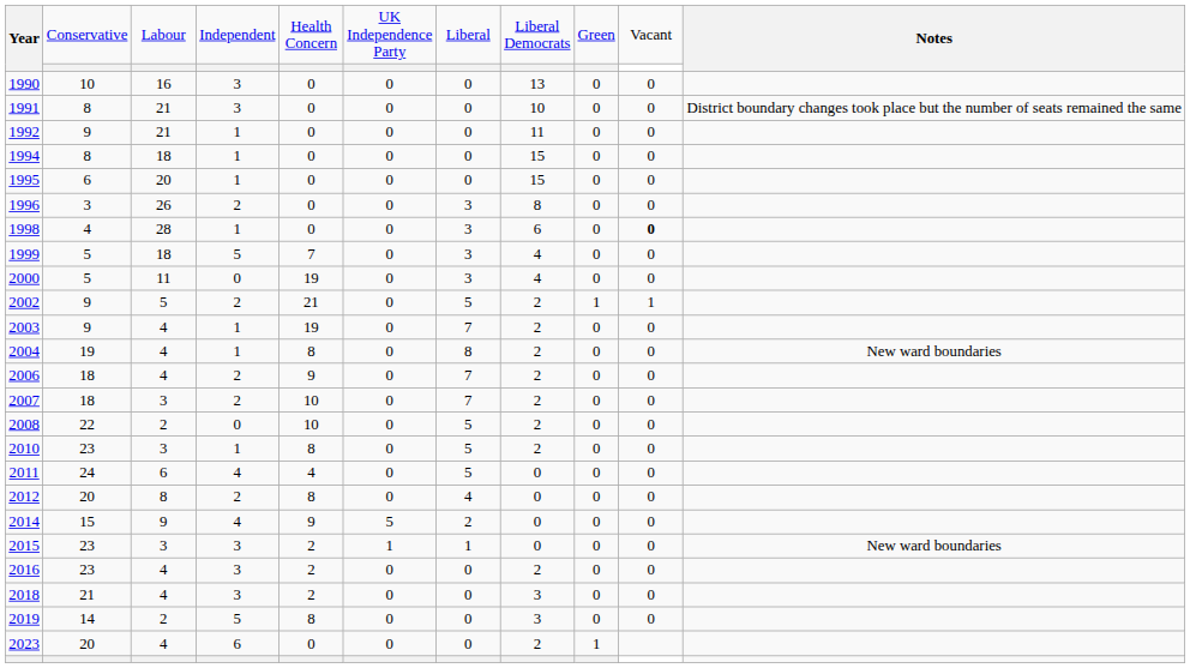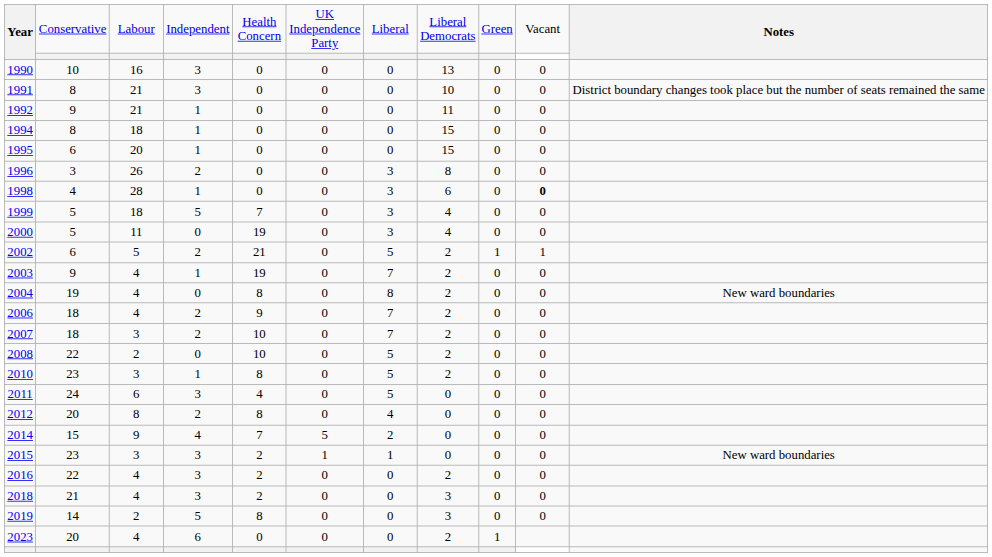 <table class=wikitable style=text-align:center>
 <tr>
 <th rowspan=2>Year</th>
 <td width="60"><a href='#'>Conservative</a></td>
 <td width="60"><a href='#'>Labour</a></td>
 <td width="60"><a href='#'>Independent</a></td>
 <td width="60"><a href='#'>Health Concern</a></td>
 <td width="60"><a href='#'>UK Independence Party</a></td>
 <td width="60"><a href='#'>Liberal</a></td>
 <td width="60"><a href='#'>Liberal Democrats</a></td>
 <td><a href='#'>Green</a></td>
 <td width="60">Vacant</td>
 <th rowspan="2">Notes</th>
 </tr>
 <tr>
 <th style="background-color: "></th>
 <th style="background-color: "></th>
 <th style="background-color: "></th>
 <th style="background-color: "></th>
 <th style="background-color: "></th>
 <th style="background-color: "></th>
 <th style="background-color: "></th>
 <th></th>
 <th style="background-color: white; width: 3px;"></th>
 </tr>
 <tr>
 <td><a href='#'>1990</a></td>
 <td>10</td>
 <td>16</td>
 <td>3</td>
 <td>0</td>
 <td>0</td>
 <td>0</td>
 <td>13</td>
 <td>0</td>
 <td>0</td>
 <td></td>
 </tr>
 <tr>
 <td><a href='#'>1991</a></td>
 <td>8</td>
 <td>21</td>
 <td>3</td>
 <td>0</td>
 <td>0</td>
 <td>0</td>
 <td>10</td>
 <td>0</td>
 <td>0</td>
 <td>District boundary changes took place but the number of seats remained the same</td>
 </tr>
 <tr>
 <td><a href='#'>1992</a></td>
 <td>9</td>
 <td>21</td>
 <td>1</td>
 <td>0</td>
 <td>0</td>
 <td>0</td>
 <td>11</td>
 <td>0</td>
 <td>0</td>
 <td></td>
 </tr>
 <tr>
 <td><a href='#'>1994</a></td>
 <td>8</td>
 <td>18</td>
 <td>1</td>
 <td>0</td>
 <td>0</td>
 <td>0</td>
 <td>15</td>
 <td>0</td>
 <td>0</td>
 <td></td>
 </tr>
 <tr>
 <td><a href='#'>1995</a></td>
 <td>6</td>
 <td>20</td>
 <td>1</td>
 <td>0</td>
 <td>0</td>
 <td>0</td>
 <td>15</td>
 <td>0</td>
 <td>0</td>
 <td></td>
 </tr>
 <tr>
 <td><a href='#'>1996</a></td>
 <td>3</td>
 <td>26</td>
 <td>2</td>
 <td>0</td>
 <td>0</td>
 <td>3</td>
 <td>8</td>
 <td>0</td>
 <td>0</td>
 <td></td>
 </tr>
 <tr>
 <td><a href='#'>1998</a></td>
 <td>4</td>
 <td>28</td>
 <td>1</td>
 <td>0</td>
 <td>0</td>
 <td>3</td>
 <td>6</td>
 <td>0</td>
 <td><strong>0</strong></td>
 <td></td>
 </tr>
 <tr>
 <td><a href='#'>1999</a></td>
 <td>5</td>
 <td>18</td>
 <td>5</td>
 <td>7</td>
 <td>0</td>
 <td>3</td>
 <td>4</td>
 <td>0</td>
 <td>0</td>
 <td></td>
 </tr>
 <tr>
 <td><a href='#'>2000</a></td>
 <td>5</td>
 <td>11</td>
 <td>0</td>
 <td>19</td>
 <td>0</td>
 <td>3</td>
 <td>4</td>
 <td>0</td>
 <td>0</td>
 <td></td>
 </tr>
 <tr>
 <td><a href='#'>2002</a></td>
-<td>9</td>
+<td>6</td>
 <td>5</td>
 <td>2</td>
 <td>21</td>
 <td>0</td>
 <td>5</td>
 <td>2</td>
 <td>1</td>
 <td>1</td>
 <td></td>
 </tr>
 <tr>
 <td><a href='#'>2003</a></td>
 <td>9</td>
 <td>4</td>
 <td>1</td>
 <td>19</td>
 <td>0</td>
 <td>7</td>
 <td>2</td>
 <td>0</td>
 <td>0</td>
 <td></td>
 </tr>
 <tr>
 <td><a href='#'>2004</a></td>
 <td>19</td>
 <td>4</td>
-<td>1</td>
+<td>0</td>
 <td>8</td>
 <td>0</td>
 <td>8</td>
 <td>2</td>
 <td>0</td>
 <td>0</td>
 <td>New ward boundaries</td>
 </tr>
 <tr>
 <td><a href='#'>2006</a></td>
 <td>18</td>
 <td>4</td>
 <td>2</td>
 <td>9</td>
 <td>0</td>
 <td>7</td>
 <td>2</td>
 <td>0</td>
 <td>0</td>
 <td></td>
 </tr>
 <tr>
 <td><a href='#'>2007</a></td>
 <td>18</td>
 <td>3</td>
 <td>2</td>
 <td>10</td>
 <td>0</td>
 <td>7</td>
 <td>2</td>
 <td>0</td>
 <td>0</td>
 <td></td>
 </tr>
 <tr>
 <td><a href='#'>2008</a></td>
 <td>22</td>
 <td>2</td>
 <td>0</td>
 <td>10</td>
 <td>0</td>
 <td>5</td>
 <td>2</td>
 <td>0</td>
 <td>0</td>
 <td></td>
 </tr>
 <tr>
 <td><a href='#'>2010</a></td>
 <td>23</td>
 <td>3</td>
 <td>1</td>
 <td>8</td>
 <td>0</td>
 <td>5</td>
 <td>2</td>
 <td>0</td>
 <td>0</td>
 <td></td>
 </tr>
 <tr>
 <td><a href='#'>2011</a></td>
 <td>24</td>
 <td>6</td>
-<td>4</td>
+<td>3</td>
 <td>4</td>
 <td>0</td>
 <td>5</td>
 <td>0</td>
 <td>0</td>
 <td>0</td>
 <td></td>
 </tr>
 <tr>
 <td><a href='#'>2012</a></td>
 <td>20</td>
 <td>8</td>
 <td>2</td>
 <td>8</td>
 <td>0</td>
 <td>4</td>
 <td>0</td>
 <td>0</td>
 <td>0</td>
 <td></td>
 </tr>
 <tr>
 <td><a href='#'>2014</a></td>
 <td>15</td>
 <td>9</td>
 <td>4</td>
-<td>9</td>
+<td>7</td>
 <td>5</td>
 <td>2</td>
 <td>0</td>
 <td>0</td>
 <td>0</td>
 <td></td>
 </tr>
 <tr>
 <td><a href='#'>2015</a></td>
 <td>23</td>
 <td>3</td>
 <td>3</td>
 <td>2</td>
 <td>1</td>
 <td>1</td>
 <td>0</td>
 <td>0</td>
 <td>0</td>
 <td>New ward boundaries</td>
 </tr>
 <tr>
 <td><a href='#'>2016</a></td>
-<td>23</td>
+<td>22</td>
 <td>4</td>
 <td>3</td>
 <td>2</td>
 <td>0</td>
 <td>0</td>
 <td>2</td>
 <td>0</td>
 <td>0</td>
 <td></td>
 </tr>
 <tr>
 <td><a href='#'>2018</a></td>
 <td>21</td>
 <td>4</td>
 <td>3</td>
 <td>2</td>
 <td>0</td>
 <td>0</td>
 <td>3</td>
 <td>0</td>
 <td>0</td>
 <td></td>
 </tr>
 <tr>
 <td><a href='#'>2019</a></td>
 <td>14</td>
 <td>2</td>
 <td>5</td>
 <td>8</td>
 <td>0</td>
 <td>0</td>
 <td>3</td>
 <td>0</td>
 <td>0</td>
 <td></td>
 </tr>
 <tr>
 <td><a href='#'>2023</a></td>
 <td>20</td>
 <td>4</td>
 <td>6</td>
 <td>0</td>
 <td>0</td>
 <td>0</td>
 <td>2</td>
 <td>1</td>
 <td></td>
 <td></td>
 </tr>
 <tr>
 <th></th>
 <th style="background-color: "></th>
 <th style="background-color: "></th>
 <th style="background-color: "></th>
 <th style="background-color: "></th>
 <th style="background-color: "></th>
 <th style="background-color: "></th>
 <th style="background-color: "></th>
 <th></th>
 <th style="background-color: white; width: 3px;"></th>
 <td></td>
 </tr>
 </table>
